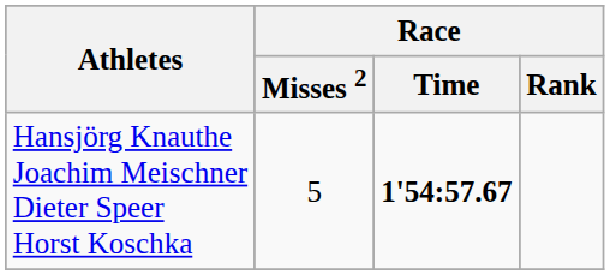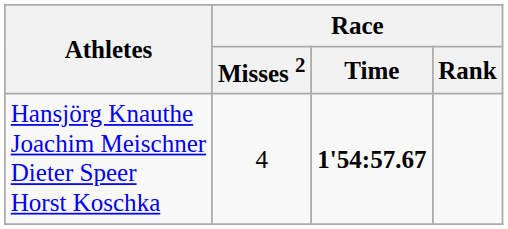 <table class="wikitable" border="1" style="font-size:90%">
 <tr>
 <th rowspan=2>Athletes</th>
 <th colspan=3>Race</th>
 </tr>
 <tr>
 <th>Misses <sup>2</sup></th>
 <th>Time</th>
 <th>Rank</th>
 </tr>
 <tr>
 <td><a href='#'>Hansjörg Knauthe</a><br><a href='#'>Joachim Meischner</a><br><a href='#'>Dieter Speer</a><br><a href='#'>Horst Koschka</a></td>
-<td align=center>5</td>
+<td align=center>4</td>
 <td align=center><strong>1'54:57.67</strong></td>
 <td align=center></td>
 </tr>
 </table>
